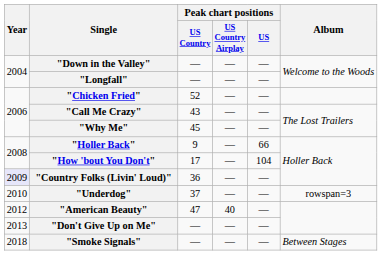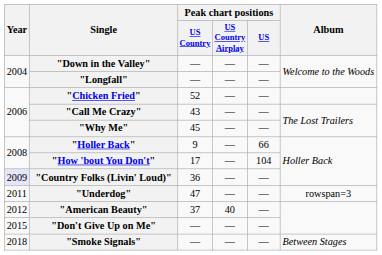 <table class="wikitable plainrowheaders" style="text-align:center;">
 <tr>
 <th rowspan="2">Year</th>
 <th rowspan="2" style="width:14em;">Single</th>
 <th colspan="3">Peak chart positions</th>
 <th rowspan="2">Album</th>
 </tr>
 <tr style="font-size:smaller;">
 <th style="width:45px;"><a href='#'>US Country</a><br></th>
 <th style="width:45px;"><a href='#'>US Country Airplay</a><br></th>
 <th style="width:45px;"><a href='#'>US</a><br></th>
 </tr>
 <tr>
 <td rowspan="2">2004</td>
 <th scope="row">"Down in the Valley"</th>
 <td>—</td>
 <td>—</td>
 <td>—</td>
 <td rowspan="2" style="text-align:left;"><em>Welcome to the Woods</em></td>
 </tr>
 <tr>
 <th scope="row">"Longfall"</th>
 <td>—</td>
 <td>—</td>
 <td>—</td>
 </tr>
 <tr>
 <td rowspan="3">2006</td>
 <th scope="row">"<a href='#'>Chicken Fried</a>"</th>
 <td>52</td>
 <td>—</td>
 <td>—</td>
 <td></td>
 </tr>
 <tr>
 <th scope="row">"Call Me Crazy"</th>
 <td>43</td>
 <td>—</td>
 <td>—</td>
 <td style="text-align:left;" rowspan="2"><em>The Lost Trailers</em></td>
 </tr>
 <tr>
 <th scope="row">"Why Me"</th>
 <td>45</td>
 <td>—</td>
 <td>—</td>
 </tr>
 <tr>
 <td rowspan="2">2008</td>
 <th scope="row">"<a href='#'>Holler Back</a>"</th>
 <td>9</td>
 <td>—</td>
 <td>66</td>
 <td style="text-align:left;" rowspan="3"><em>Holler Back</em></td>
 </tr>
 <tr>
 <th scope="row">"<a href='#'>How 'bout You Don't</a>"</th>
 <td>17</td>
 <td>—</td>
 <td>104</td>
 </tr>
 <tr>
 <td style="background: lavender;">2009</td>
 <th scope="row">"Country Folks (Livin' Loud)"</th>
 <td>36</td>
 <td>—</td>
 <td>—</td>
 </tr>
 <tr>
-<td>2010</td>
+<td>2011</td>
 <th scope="row">"Underdog"</th>
-<td>37</td>
+<td>47</td>
 <td>—</td>
 <td>—</td>
 <td>rowspan=3 </td>
 </tr>
 <tr>
 <td>2012</td>
 <th scope="row">"American Beauty"</th>
-<td>47</td>
+<td>37</td>
 <td>40</td>
 <td>—</td>
 </tr>
 <tr>
-<td>2013</td>
+<td>2015</td>
 <th scope="row">"Don't Give Up on Me"</th>
 <td>—</td>
 <td>—</td>
 <td>—</td>
 </tr>
 <tr>
 <td>2018</td>
 <th scope="row">"Smoke Signals"</th>
 <td>—</td>
 <td>—</td>
 <td>—</td>
 <td style="text-align:left;" rowspan="3"><em>Between Stages</em></td>
 </tr>
 </table>
